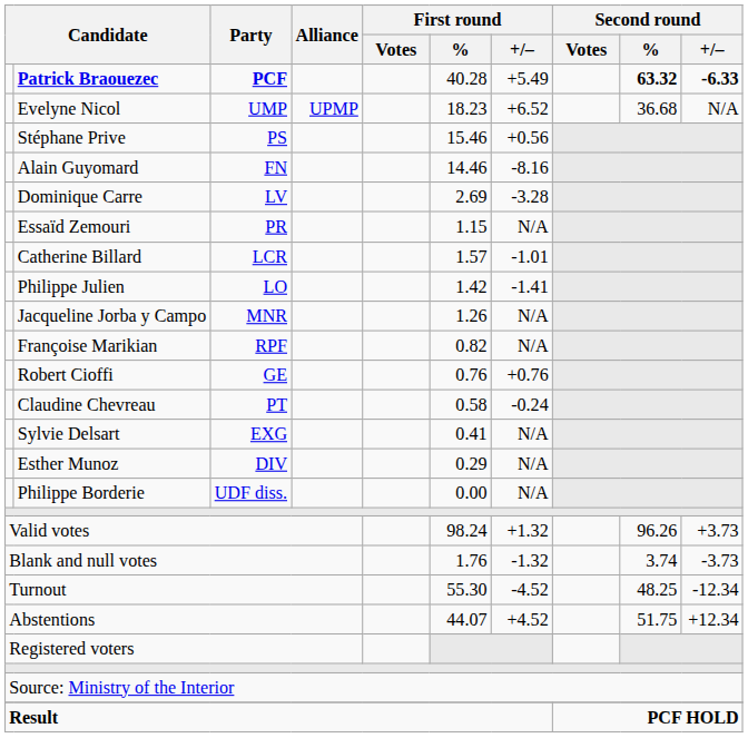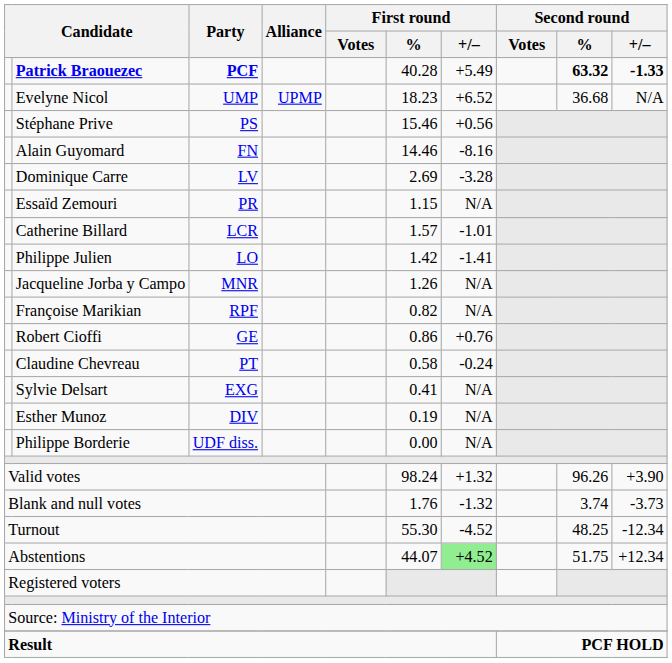 <table class="wikitable" style="text-align:right;font-size:95%;">
 <tr>
 <th rowspan="2" colspan="2">Candidate</th>
 <th rowspan="2">Party</th>
 <th rowspan="2">Alliance</th>
 <th colspan="3">First round</th>
 <th colspan="3">Second round</th>
 </tr>
 <tr>
 <th style="width:50px;">Votes</th>
 <th style="width:45px;">%</th>
 <th style="width:45px;">+/–</th>
 <th style="width:50px;">Votes</th>
 <th style="width:45px;">%</th>
 <th style="width:45px;">+/–</th>
 </tr>
 <tr>
 <td style="color:inherit;background:"></td>
 <td style="text-align:left;"><strong><a href='#'>Patrick Braouezec</a></strong></td>
 <td><a href='#'><strong>PCF</strong></a> </td>
 <td></td>
 <td></td>
 <td>40.28</td>
 <td>+5.49</td>
 <td><strong></strong></td>
 <td><strong>63.32</strong></td>
-<td><strong>-6.33</strong></td>
+<td><strong>-1.33</strong></td>
 </tr>
 <tr>
 <td style="color:inherit;background:"></td>
 <td style="text-align:left;">Evelyne Nicol</td>
 <td><a href='#'>UMP</a> </td>
 <td><a href='#'>UPMP</a> </td>
 <td></td>
 <td>18.23</td>
 <td>+6.52</td>
 <td></td>
 <td>36.68</td>
 <td>N/A</td>
 </tr>
 <tr>
 <td style="color:inherit;background:"></td>
 <td style="text-align:left;">Stéphane Prive</td>
 <td><a href='#'>PS</a></td>
 <td></td>
 <td></td>
 <td>15.46</td>
 <td>+0.56</td>
 <td colspan="3" style="background:#E9E9E9;"></td>
 </tr>
 <tr>
 <td style="color:inherit;background:"></td>
 <td style="text-align:left;">Alain Guyomard</td>
 <td><a href='#'>FN</a></td>
 <td></td>
 <td></td>
 <td>14.46</td>
 <td>-8.16</td>
 <td colspan="3" style="background:#E9E9E9;"></td>
 </tr>
 <tr>
 <td style="color:inherit;background:"></td>
 <td style="text-align:left;">Dominique Carre</td>
 <td><a href='#'>LV</a></td>
 <td></td>
 <td></td>
 <td>2.69</td>
 <td>-3.28</td>
 <td colspan="3" style="background:#E9E9E9;"></td>
 </tr>
 <tr>
 <td style="color:inherit;background:"></td>
 <td style="text-align:left;">Essaïd Zemouri</td>
 <td><a href='#'>PR</a></td>
 <td></td>
 <td></td>
 <td>1.15</td>
 <td>N/A</td>
 <td colspan="3" style="background:#E9E9E9;"></td>
 </tr>
 <tr>
 <td style="color:inherit;background:"></td>
 <td style="text-align:left;">Catherine Billard</td>
 <td><a href='#'>LCR</a></td>
 <td></td>
 <td></td>
 <td>1.57</td>
 <td>-1.01</td>
 <td colspan="3" style="background:#E9E9E9;"></td>
 </tr>
 <tr>
 <td style="color:inherit;background:"></td>
 <td style="text-align:left;">Philippe Julien</td>
 <td><a href='#'>LO</a></td>
 <td></td>
 <td></td>
 <td>1.42</td>
 <td>-1.41</td>
 <td colspan="3" style="background:#E9E9E9;"></td>
 </tr>
 <tr>
 <td style="color:inherit;background:"></td>
 <td style="text-align:left;">Jacqueline Jorba y Campo</td>
 <td><a href='#'>MNR</a></td>
 <td></td>
 <td></td>
 <td>1.26</td>
 <td>N/A</td>
 <td colspan="3" style="background:#E9E9E9;"></td>
 </tr>
 <tr>
 <td style="color:inherit;background:"></td>
 <td style="text-align:left;">Françoise Marikian</td>
 <td><a href='#'>RPF</a></td>
 <td></td>
 <td></td>
 <td>0.82</td>
 <td>N/A</td>
 <td colspan="3" style="background:#E9E9E9;"></td>
 </tr>
 <tr>
 <td style="color:inherit;background:"></td>
 <td style="text-align:left;">Robert Cioffi</td>
 <td><a href='#'>GE</a></td>
 <td></td>
 <td></td>
-<td>0.76</td>
+<td>0.86</td>
 <td>+0.76</td>
 <td colspan="3" style="background:#E9E9E9;"></td>
 </tr>
 <tr>
 <td style="color:inherit;background:"></td>
 <td style="text-align:left;">Claudine Chevreau</td>
 <td><a href='#'>PT</a></td>
 <td></td>
 <td></td>
 <td>0.58</td>
 <td>-0.24</td>
 <td colspan="3" style="background:#E9E9E9;"></td>
 </tr>
 <tr>
 <td style="color:inherit;background:"></td>
 <td style="text-align:left;">Sylvie Delsart</td>
 <td><a href='#'>EXG</a></td>
 <td></td>
 <td></td>
 <td>0.41</td>
 <td>N/A</td>
 <td colspan="3" style="background:#E9E9E9;"></td>
 </tr>
 <tr>
 <td style="color:inherit;background:"></td>
 <td style="text-align:left;">Esther Munoz</td>
 <td><a href='#'>DIV</a></td>
 <td></td>
 <td></td>
-<td>0.29</td>
+<td>0.19</td>
 <td>N/A</td>
 <td colspan="3" style="background:#E9E9E9;"></td>
 </tr>
 <tr>
 <td style="color:inherit;background:"></td>
 <td style="text-align:left;">Philippe Borderie</td>
 <td><a href='#'>UDF diss.</a></td>
 <td></td>
 <td></td>
 <td>0.00</td>
 <td>N/A</td>
 <td colspan="3" style="background:#E9E9E9;"></td>
 </tr>
 <tr>
 <td colspan="10" style="background:#E9E9E9;"></td>
 </tr>
 <tr>
 <td colspan="4" style="text-align:left;">Valid votes</td>
 <td></td>
 <td>98.24</td>
 <td>+1.32</td>
 <td></td>
 <td>96.26</td>
-<td>+3.73</td>
+<td>+3.90</td>
 </tr>
 <tr>
 <td colspan="4" style="text-align:left;">Blank and null votes</td>
 <td></td>
 <td>1.76</td>
 <td>-1.32</td>
 <td></td>
 <td>3.74</td>
 <td>-3.73</td>
 </tr>
 <tr>
 <td colspan="4" style="text-align:left;">Turnout</td>
 <td></td>
 <td>55.30</td>
 <td>-4.52</td>
 <td></td>
 <td>48.25</td>
 <td>-12.34</td>
 </tr>
 <tr>
 <td colspan="4" style="text-align:left;">Abstentions</td>
 <td></td>
 <td>44.07</td>
-<td>+4.52</td>
+<td style="background: lightgreen;">+4.52</td>
 <td></td>
 <td>51.75</td>
 <td>+12.34</td>
 </tr>
 <tr>
 <td colspan="4" style="text-align:left;">Registered voters</td>
 <td></td>
 <td colspan="2" style="background:#E9E9E9;"></td>
 <td></td>
 <td colspan="2" style="background:#E9E9E9;"></td>
 </tr>
 <tr>
 <td colspan="10" style="background:#E9E9E9;"></td>
 </tr>
 <tr>
 <td colspan="10" style="text-align:left;">Source: <a href='#'>Ministry of the Interior</a></td>
 </tr>
 <tr>
 </tr>
 <tr style="font-weight:bold">
 <td colspan="7" style="text-align:left;">Result</td>
 <td colspan="7" style="background-color:">PCF HOLD</td>
 </tr>
 </table>
